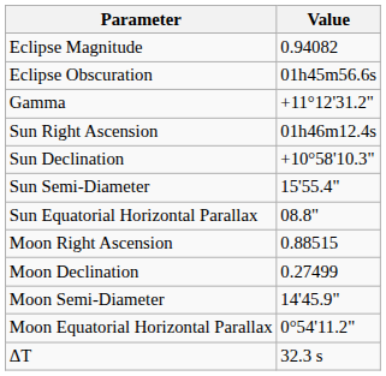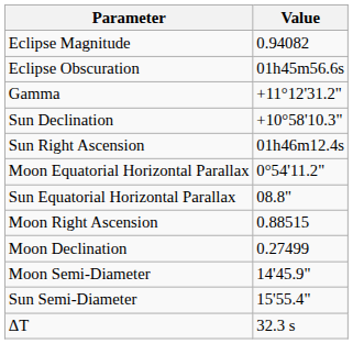 <table class="wikitable">
 <tr>
 <th>Parameter</th>
 <th>Value</th>
 </tr>
 <tr>
 <td>Eclipse Magnitude</td>
 <td>0.94082</td>
 </tr>
 <tr>
 <td>Eclipse Obscuration</td>
 <td>01h45m56.6s</td>
 </tr>
 <tr>
 <td>Gamma</td>
 <td>+11°12'31.2"</td>
 </tr>
 <tr>
+<td>Sun Declination</td>
+<td>+10°58'10.3"</td>
+</tr>
+<tr>
 <td>Sun Right Ascension</td>
 <td>01h46m12.4s</td>
 </tr>
 <tr>
-<td>Sun Declination</td>
-<td>+10°58'10.3"</td>
-</tr>
-<tr>
-<td>Sun Semi-Diameter</td>
-<td>15'55.4"</td>
+<td>Moon Equatorial Horizontal Parallax</td>
+<td>0°54'11.2"</td>
 </tr>
 <tr>
 <td>Sun Equatorial Horizontal Parallax</td>
 <td>08.8"</td>
 </tr>
 <tr>
 <td>Moon Right Ascension</td>
 <td>0.88515</td>
 </tr>
 <tr>
 <td>Moon Declination</td>
 <td>0.27499</td>
 </tr>
 <tr>
 <td>Moon Semi-Diameter</td>
 <td>14'45.9"</td>
 </tr>
 <tr>
-<td>Moon Equatorial Horizontal Parallax</td>
-<td>0°54'11.2"</td>
+<td>Sun Semi-Diameter</td>
+<td>15'55.4"</td>
 </tr>
 <tr>
 <td>ΔT</td>
 <td>32.3 s</td>
 </tr>
 </table>
